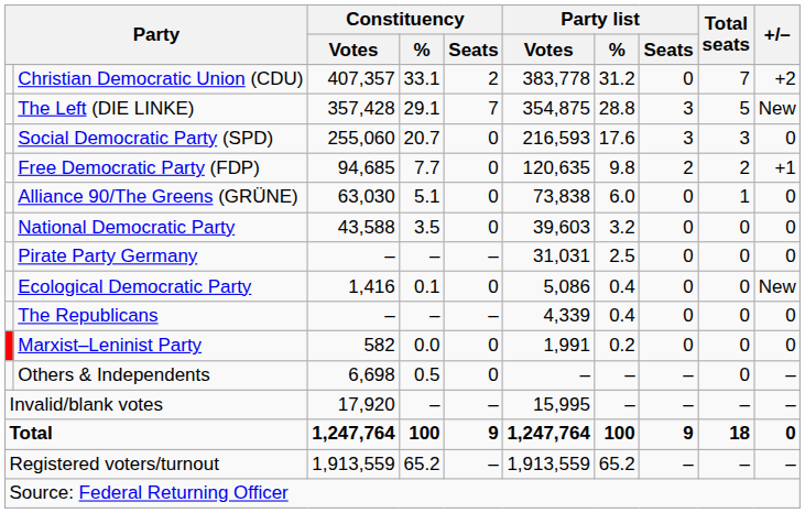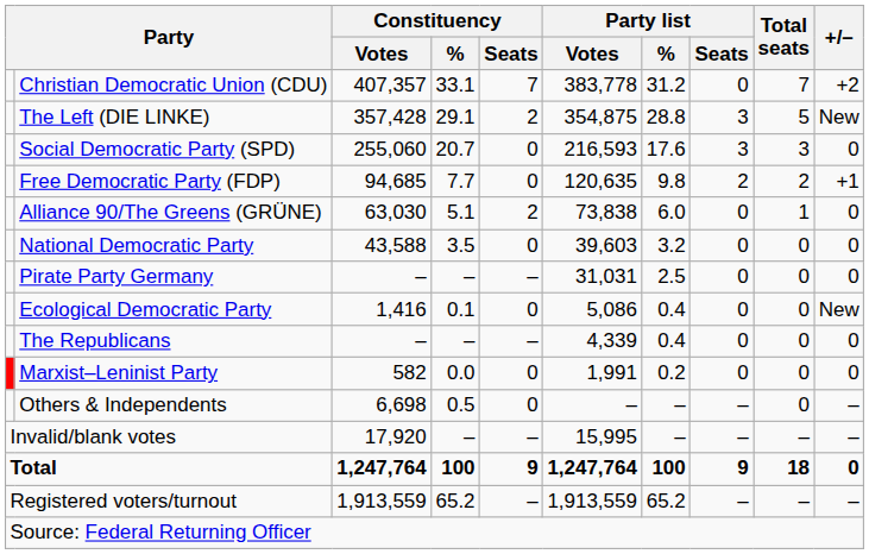 <table class="wikitable" style="text-align:right">
 <tr>
 <th colspan="2" rowspan="2">Party</th>
 <th colspan="3">Constituency</th>
 <th colspan="3">Party list</th>
 <th rowspan="2">Total<br>seats</th>
 <th rowspan="2">+/–</th>
 </tr>
 <tr>
 <th>Votes</th>
 <th>%</th>
 <th>Seats</th>
 <th>Votes</th>
 <th>%</th>
 <th>Seats</th>
 </tr>
 <tr>
 <td></td>
 <td align="left"><a href='#'>Christian Democratic Union</a> (CDU)</td>
 <td>407,357</td>
 <td>33.1</td>
-<td>2</td>
+<td>7</td>
 <td>383,778</td>
 <td>31.2</td>
 <td>0</td>
 <td>7</td>
 <td>+2</td>
 </tr>
 <tr>
 <td></td>
 <td align="left"><a href='#'>The Left</a> (DIE LINKE)</td>
 <td>357,428</td>
 <td>29.1</td>
-<td>7</td>
+<td>2</td>
 <td>354,875</td>
 <td>28.8</td>
 <td>3</td>
 <td>5</td>
 <td>New</td>
 </tr>
 <tr>
 <td></td>
 <td align="left"><a href='#'>Social Democratic Party</a> (SPD)</td>
 <td>255,060</td>
 <td>20.7</td>
 <td>0</td>
 <td>216,593</td>
 <td>17.6</td>
 <td>3</td>
 <td>3</td>
 <td>0</td>
 </tr>
 <tr>
 <td></td>
 <td align="left"><a href='#'>Free Democratic Party</a> (FDP)</td>
 <td>94,685</td>
 <td>7.7</td>
 <td>0</td>
 <td>120,635</td>
 <td>9.8</td>
 <td>2</td>
 <td>2</td>
 <td>+1</td>
 </tr>
 <tr>
 <td></td>
 <td align="left"><a href='#'>Alliance 90/The Greens</a> (GRÜNE)</td>
 <td>63,030</td>
 <td>5.1</td>
-<td>0</td>
+<td>2</td>
 <td>73,838</td>
 <td>6.0</td>
 <td>0</td>
 <td>1</td>
 <td>0</td>
 </tr>
 <tr>
 <td style="background-color:"></td>
 <td align="left"><a href='#'>National Democratic Party</a></td>
 <td>43,588</td>
 <td>3.5</td>
 <td>0</td>
 <td>39,603</td>
 <td>3.2</td>
 <td>0</td>
 <td>0</td>
 <td>0</td>
 </tr>
 <tr>
 <td style="background-color:"></td>
 <td align="left"><a href='#'>Pirate Party Germany</a></td>
 <td>–</td>
 <td>–</td>
 <td>–</td>
 <td>31,031</td>
 <td>2.5</td>
 <td>0</td>
 <td>0</td>
 <td>0</td>
 </tr>
 <tr>
 <td style="background-color:"></td>
 <td align="left"><a href='#'>Ecological Democratic Party</a></td>
 <td>1,416</td>
 <td>0.1</td>
 <td>0</td>
 <td>5,086</td>
 <td>0.4</td>
 <td>0</td>
 <td>0</td>
 <td>New</td>
 </tr>
 <tr>
 <td style="background-color:"></td>
 <td align="left"><a href='#'>The Republicans</a></td>
 <td>–</td>
 <td>–</td>
 <td>–</td>
 <td>4,339</td>
 <td>0.4</td>
 <td>0</td>
 <td>0</td>
 <td>0</td>
 </tr>
 <tr>
 <td style="background-color:red"></td>
 <td align="left"><a href='#'>Marxist–Leninist Party</a></td>
 <td>582</td>
 <td>0.0</td>
 <td>0</td>
 <td>1,991</td>
 <td>0.2</td>
 <td>0</td>
 <td>0</td>
 <td>0</td>
 </tr>
 <tr>
 <td></td>
 <td align="left">Others & Independents</td>
 <td>6,698</td>
 <td>0.5</td>
 <td>0</td>
 <td>–</td>
 <td>–</td>
 <td>–</td>
 <td>0</td>
 <td>–</td>
 </tr>
 <tr>
 <td colspan="2" align="left">Invalid/blank votes</td>
 <td>17,920</td>
 <td>–</td>
 <td>–</td>
 <td>15,995</td>
 <td>–</td>
 <td>–</td>
 <td>–</td>
 <td>–</td>
 </tr>
 <tr>
 <td colspan="2" align="left"><strong>Total</strong></td>
 <td><strong>1,247,764</strong></td>
 <td><strong>100</strong></td>
 <td><strong>9</strong></td>
 <td><strong>1,247,764</strong></td>
 <td><strong>100</strong></td>
 <td><strong>9</strong></td>
 <td><strong>18</strong></td>
 <td><strong>0</strong></td>
 </tr>
 <tr>
 <td colspan="2" align="left">Registered voters/turnout</td>
 <td>1,913,559</td>
 <td>65.2</td>
 <td>–</td>
 <td>1,913,559</td>
 <td>65.2</td>
 <td>–</td>
 <td>–</td>
 <td>–</td>
 </tr>
 <tr>
 <td colspan="10" align="left">Source: <a href='#'>Federal Returning Officer</a></td>
 </tr>
 </table>
